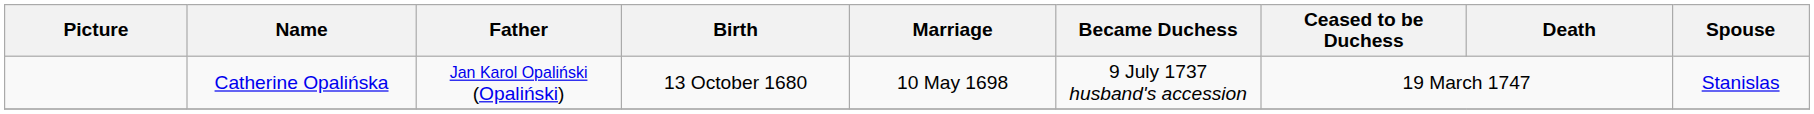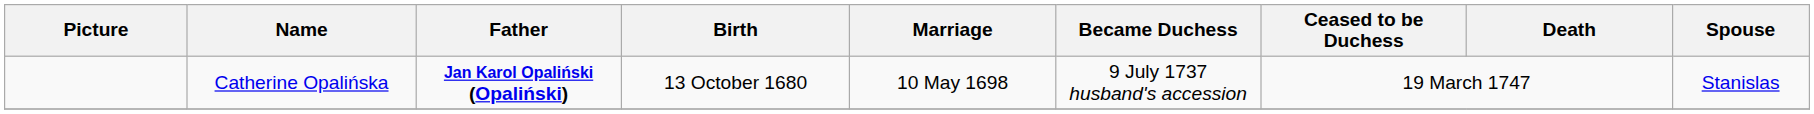 <table width=95% class="wikitable">
 <tr>
 <th width = "8%">Picture</th>
 <th width = "10%">Name</th>
 <th width = "9%">Father</th>
 <th width = "10%">Birth</th>
 <th width = "9%">Marriage</th>
 <th width = "9%">Became Duchess</th>
 <th width = "9%">Ceased to be Duchess</th>
 <th width = "9%">Death</th>
 <th width = "6%">Spouse</th>
 </tr>
 <tr>
 <td align=center></td>
 <td align=center><a href='#'>Catherine Opalińska</a></td>
-<td align="center"><small><a href='#'>Jan Karol Opaliński</a></small><br>(<a href='#'>Opaliński</a>)</td>
+<td align="center"><strong><small><a href='#'>Jan Karol Opaliński</a></small><br>(<a href='#'>Opaliński</a>)</strong></td>
 <td align="center">13 October 1680</td>
 <td align="center">10 May 1698</td>
 <td align="center">9 July 1737<br><em>husband's accession</em></td>
 <td align="center" colspan="2">19 March 1747</td>
 <td align="center"><a href='#'>Stanislas</a></td>
 </tr>
 <tr>
 </tr>
 </table>
